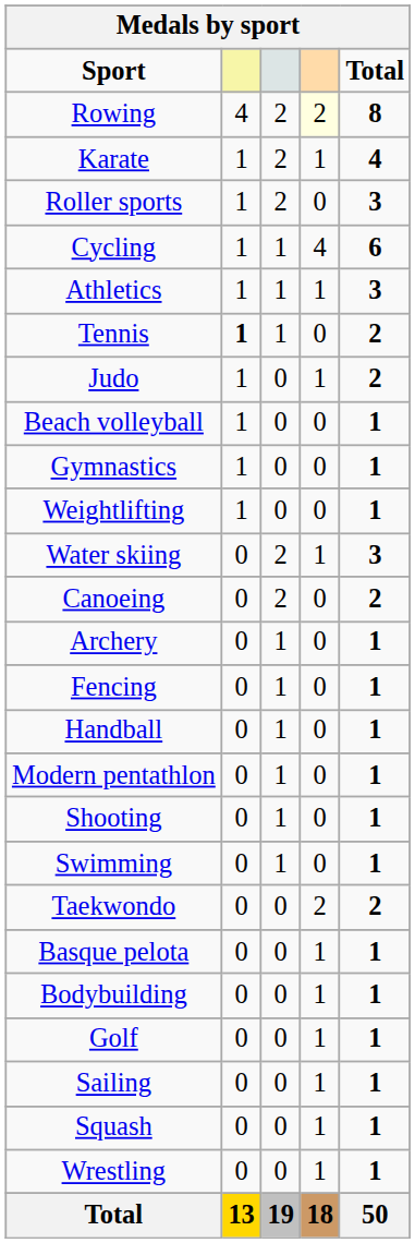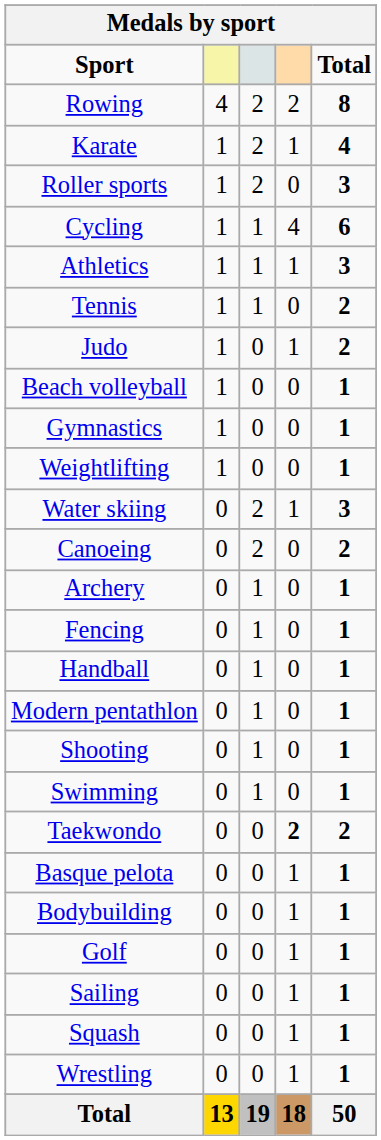 <table class=wikitable style="font-size:85%; float:right;text-align:center">
 <tr bgcolor=EFEFEF>
 <th colspan=7><strong>Medals by sport</strong></th>
 </tr>
 <tr>
 <td><strong>Sport</strong></td>
 <td bgcolor=F7F6A8></td>
 <td bgcolor=DCE5E5></td>
 <td bgcolor=FFDBA9></td>
 <td><strong>Total</strong></td>
 </tr>
 <tr>
 <td><a href='#'>Rowing</a></td>
 <td>4</td>
 <td>2</td>
-<td style="background: lightyellow;">2</td>
+<td>2</td>
 <td><strong>8</strong></td>
 </tr>
 <tr>
 <td><a href='#'>Karate</a></td>
 <td>1</td>
 <td>2</td>
 <td>1</td>
 <td><strong>4</strong></td>
 </tr>
 <tr>
 <td><a href='#'>Roller sports</a></td>
 <td>1</td>
 <td>2</td>
 <td>0</td>
 <td><strong>3</strong></td>
 </tr>
 <tr>
 <td><a href='#'>Cycling</a></td>
 <td>1</td>
 <td>1</td>
 <td>4</td>
 <td><strong>6</strong></td>
 </tr>
 <tr>
 <td><a href='#'>Athletics</a></td>
 <td>1</td>
 <td>1</td>
 <td>1</td>
 <td><strong>3</strong></td>
 </tr>
 <tr>
 <td><a href='#'>Tennis</a></td>
-<td><strong>1</strong></td>
+<td>1</td>
 <td>1</td>
 <td>0</td>
 <td><strong>2</strong></td>
 </tr>
 <tr>
 <td><a href='#'>Judo</a></td>
 <td>1</td>
 <td>0</td>
 <td>1</td>
 <td><strong>2</strong></td>
 </tr>
 <tr>
 <td><a href='#'>Beach volleyball</a></td>
 <td>1</td>
 <td>0</td>
 <td>0</td>
 <td><strong>1</strong></td>
 </tr>
 <tr>
 <td><a href='#'>Gymnastics</a></td>
 <td>1</td>
 <td>0</td>
 <td>0</td>
 <td><strong>1</strong></td>
 </tr>
 <tr>
 <td><a href='#'>Weightlifting</a></td>
 <td>1</td>
 <td>0</td>
 <td>0</td>
 <td><strong>1</strong></td>
 </tr>
 <tr>
 <td><a href='#'>Water skiing</a></td>
 <td>0</td>
 <td>2</td>
 <td>1</td>
 <td><strong>3</strong></td>
 </tr>
 <tr>
 <td><a href='#'>Canoeing</a></td>
 <td>0</td>
 <td>2</td>
 <td>0</td>
 <td><strong>2</strong></td>
 </tr>
 <tr>
 <td><a href='#'>Archery</a></td>
 <td>0</td>
 <td>1</td>
 <td>0</td>
 <td><strong>1</strong></td>
 </tr>
 <tr>
 <td><a href='#'>Fencing</a></td>
 <td>0</td>
 <td>1</td>
 <td>0</td>
 <td><strong>1</strong></td>
 </tr>
 <tr>
 <td><a href='#'>Handball</a></td>
 <td>0</td>
 <td>1</td>
 <td>0</td>
 <td><strong>1</strong></td>
 </tr>
 <tr>
 <td><a href='#'>Modern pentathlon</a></td>
 <td>0</td>
 <td>1</td>
 <td>0</td>
 <td><strong>1</strong></td>
 </tr>
 <tr>
 <td><a href='#'>Shooting</a></td>
 <td>0</td>
 <td>1</td>
 <td>0</td>
 <td><strong>1</strong></td>
 </tr>
 <tr>
 <td><a href='#'>Swimming</a></td>
 <td>0</td>
 <td>1</td>
 <td>0</td>
 <td><strong>1</strong></td>
 </tr>
 <tr>
 <td><a href='#'>Taekwondo</a></td>
 <td>0</td>
 <td>0</td>
-<td>2</td>
+<td><strong>2</strong></td>
 <td><strong>2</strong></td>
 </tr>
 <tr>
 <td><a href='#'>Basque pelota</a></td>
 <td>0</td>
 <td>0</td>
 <td>1</td>
 <td><strong>1</strong></td>
 </tr>
 <tr>
 <td><a href='#'>Bodybuilding</a></td>
 <td>0</td>
 <td>0</td>
 <td>1</td>
 <td><strong>1</strong></td>
 </tr>
 <tr>
 <td><a href='#'>Golf</a></td>
 <td>0</td>
 <td>0</td>
 <td>1</td>
 <td><strong>1</strong></td>
 </tr>
 <tr>
 <td><a href='#'>Sailing</a></td>
 <td>0</td>
 <td>0</td>
 <td>1</td>
 <td><strong>1</strong></td>
 </tr>
 <tr>
 <td><a href='#'>Squash</a></td>
 <td>0</td>
 <td>0</td>
 <td>1</td>
 <td><strong>1</strong></td>
 </tr>
 <tr>
 <td><a href='#'>Wrestling</a></td>
 <td>0</td>
 <td>0</td>
 <td>1</td>
 <td><strong>1</strong></td>
 </tr>
 <tr>
 <th><strong>Total</strong></th>
 <th style=background:gold><strong>13</strong></th>
 <th style=background:silver><strong>19</strong></th>
 <th style=background:#C96><strong>18</strong></th>
 <th><strong>50</strong></th>
 </tr>
 </table>
